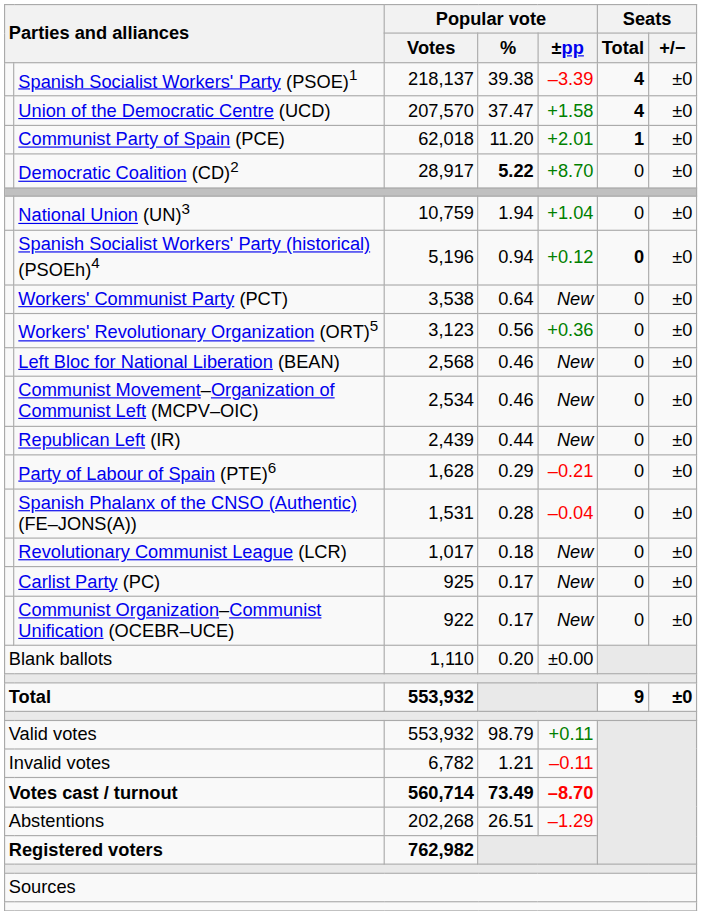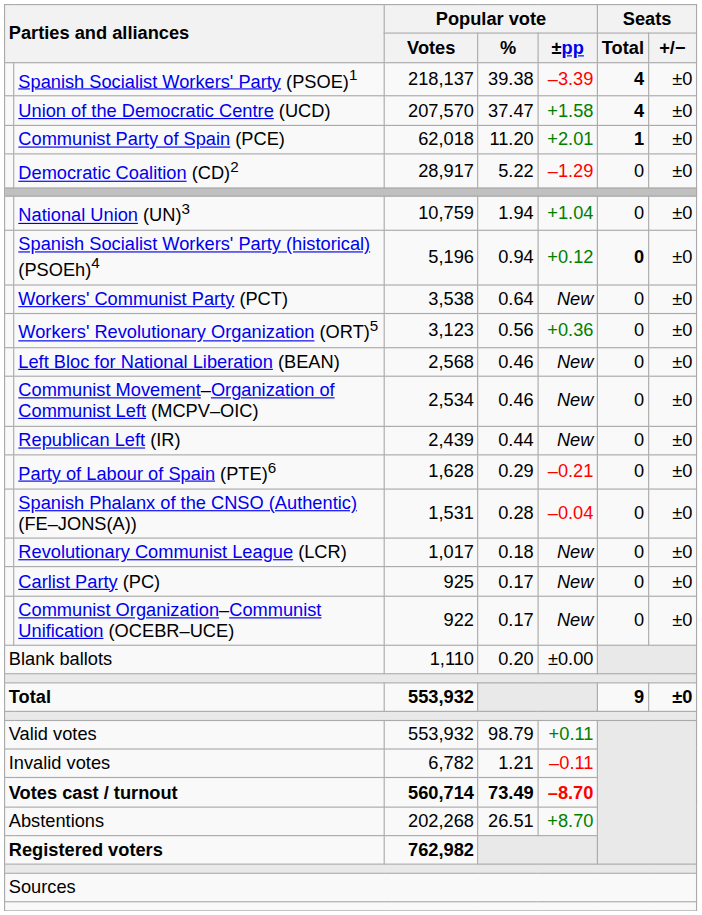 <table class="wikitable" style="text-align:right;">
 <tr>
 <th style="text-align:left;" rowspan="2" colspan="2" width="525">Parties and alliances</th>
 <th colspan="3">Popular vote</th>
 <th colspan="2">Seats</th>
 </tr>
 <tr>
 <th width="75">Votes</th>
 <th width="45">%</th>
 <th width="45">±<a href='#'>pp</a></th>
 <th width="35">Total</th>
 <th width="35">+/−</th>
 </tr>
 <tr>
 <td width="1" style="color:inherit;background:"></td>
 <td align="left"><a href='#'>Spanish Socialist Workers' Party</a> (PSOE)<sup>1</sup></td>
 <td>218,137</td>
 <td>39.38</td>
 <td style="color:red;">–3.39</td>
 <td><strong>4</strong></td>
 <td>±0</td>
 </tr>
 <tr>
 <td style="color:inherit;background:"></td>
 <td align="left"><a href='#'>Union of the Democratic Centre</a> (UCD)</td>
 <td>207,570</td>
 <td>37.47</td>
 <td style="color:green;">+1.58</td>
 <td><strong>4</strong></td>
 <td>±0</td>
 </tr>
 <tr>
 <td style="color:inherit;background:"></td>
 <td align="left"><a href='#'>Communist Party of Spain</a> (PCE)</td>
 <td>62,018</td>
 <td>11.20</td>
 <td style="color:green;">+2.01</td>
 <td><strong>1</strong></td>
 <td>±0</td>
 </tr>
 <tr>
 <td style="color:inherit;background:"></td>
 <td align="left"><a href='#'>Democratic Coalition</a> (CD)<sup>2</sup></td>
 <td>28,917</td>
-<td><strong>5.22</strong></td>
-<td style="color:green;">+8.70</td>
+<td>5.22</td>
+<td style="color:red;">–1.29</td>
 <td>0</td>
 <td>±0</td>
 </tr>
 <tr>
 <td colspan="7" bgcolor="#C0C0C0"></td>
 </tr>
 <tr>
 <td style="color:inherit;background:"></td>
 <td align="left"><a href='#'>National Union</a> (UN)<sup>3</sup></td>
 <td>10,759</td>
 <td>1.94</td>
 <td style="color:green;">+1.04</td>
 <td>0</td>
 <td>±0</td>
 </tr>
 <tr>
 <td style="color:inherit;background:"></td>
 <td align="left"><a href='#'>Spanish Socialist Workers' Party (historical)</a> (PSOEh)<sup>4</sup></td>
 <td>5,196</td>
 <td>0.94</td>
 <td style="color:green;">+0.12</td>
 <td><strong>0</strong></td>
 <td>±0</td>
 </tr>
 <tr>
 <td style="color:inherit;background:"></td>
 <td align="left"><a href='#'>Workers' Communist Party</a> (PCT)</td>
 <td>3,538</td>
 <td>0.64</td>
 <td><em>New</em></td>
 <td>0</td>
 <td>±0</td>
 </tr>
 <tr>
 <td style="color:inherit;background:"></td>
 <td align="left"><a href='#'>Workers' Revolutionary Organization</a> (ORT)<sup>5</sup></td>
 <td>3,123</td>
 <td>0.56</td>
 <td style="color:green;">+0.36</td>
 <td>0</td>
 <td>±0</td>
 </tr>
 <tr>
 <td style="color:inherit;background:"></td>
 <td align="left"><a href='#'>Left Bloc for National Liberation</a> (BEAN)</td>
 <td>2,568</td>
 <td>0.46</td>
 <td><em>New</em></td>
 <td>0</td>
 <td>±0</td>
 </tr>
 <tr>
 <td style="color:inherit;background:"></td>
 <td align="left"><a href='#'>Communist Movement</a>–<a href='#'>Organization of Communist Left</a> (MCPV–OIC)</td>
 <td>2,534</td>
 <td>0.46</td>
 <td><em>New</em></td>
 <td>0</td>
 <td>±0</td>
 </tr>
 <tr>
 <td style="color:inherit;background:"></td>
 <td align="left"><a href='#'>Republican Left</a> (IR)</td>
 <td>2,439</td>
 <td>0.44</td>
 <td><em>New</em></td>
 <td>0</td>
 <td>±0</td>
 </tr>
 <tr>
 <td style="color:inherit;background:"></td>
 <td align="left"><a href='#'>Party of Labour of Spain</a> (PTE)<sup>6</sup></td>
 <td>1,628</td>
 <td>0.29</td>
 <td style="color:red;">–0.21</td>
 <td>0</td>
 <td>±0</td>
 </tr>
 <tr>
 <td style="color:inherit;background:"></td>
 <td align="left"><a href='#'>Spanish Phalanx of the CNSO (Authentic)</a> (FE–JONS(A))</td>
 <td>1,531</td>
 <td>0.28</td>
 <td style="color:red;">–0.04</td>
 <td>0</td>
 <td>±0</td>
 </tr>
 <tr>
 <td style="color:inherit;background:"></td>
 <td align="left"><a href='#'>Revolutionary Communist League</a> (LCR)</td>
 <td>1,017</td>
 <td>0.18</td>
 <td><em>New</em></td>
 <td>0</td>
 <td>±0</td>
 </tr>
 <tr>
 <td style="color:inherit;background:"></td>
 <td align="left"><a href='#'>Carlist Party</a> (PC)</td>
 <td>925</td>
 <td>0.17</td>
 <td><em>New</em></td>
 <td>0</td>
 <td>±0</td>
 </tr>
 <tr>
 <td style="color:inherit;background:"></td>
 <td align="left"><a href='#'>Communist Organization</a>–<a href='#'>Communist Unification</a> (OCEBR–UCE)</td>
 <td>922</td>
 <td>0.17</td>
 <td><em>New</em></td>
 <td>0</td>
 <td>±0</td>
 </tr>
 <tr>
 <td align="left" colspan="2">Blank ballots</td>
 <td>1,110</td>
 <td>0.20</td>
 <td>±0.00</td>
 <td bgcolor="#E9E9E9" colspan="2"></td>
 </tr>
 <tr>
 <td colspan="7" bgcolor="#E9E9E9"></td>
 </tr>
 <tr style="font-weight:bold;">
 <td align="left" colspan="2">Total</td>
 <td>553,932</td>
 <td bgcolor="#E9E9E9" colspan="2"></td>
 <td>9</td>
 <td>±0</td>
 </tr>
 <tr>
 <td colspan="7" bgcolor="#E9E9E9"></td>
 </tr>
 <tr>
 <td align="left" colspan="2">Valid votes</td>
 <td>553,932</td>
 <td>98.79</td>
 <td style="color:green;">+0.11</td>
 <td bgcolor="#E9E9E9" colspan="2" rowspan="5"></td>
 </tr>
 <tr>
 <td align="left" colspan="2">Invalid votes</td>
 <td>6,782</td>
 <td>1.21</td>
 <td style="color:red;">–0.11</td>
 </tr>
 <tr style="font-weight:bold;">
 <td align="left" colspan="2">Votes cast / turnout</td>
 <td>560,714</td>
 <td>73.49</td>
 <td style="color:red;">–8.70</td>
 </tr>
 <tr>
 <td align="left" colspan="2">Abstentions</td>
 <td>202,268</td>
 <td>26.51</td>
-<td style="color:red;">–1.29</td>
+<td style="color:green;">+8.70</td>
 </tr>
 <tr style="font-weight:bold;">
 <td align="left" colspan="2">Registered voters</td>
 <td>762,982</td>
 <td bgcolor="#E9E9E9" colspan="2"></td>
 </tr>
 <tr>
 <td colspan="7" bgcolor="#E9E9E9"></td>
 </tr>
 <tr>
 <td align="left" colspan="7">Sources</td>
 </tr>
 <tr>
 <td colspan="7" style="text-align:left; max-width:790px;"></td>
 </tr>
 </table>
